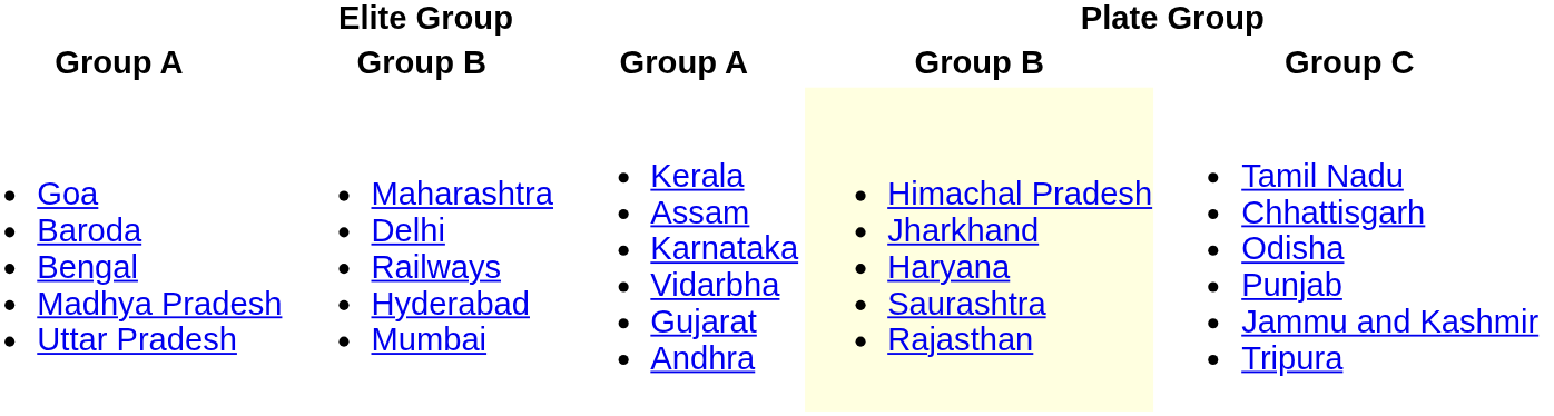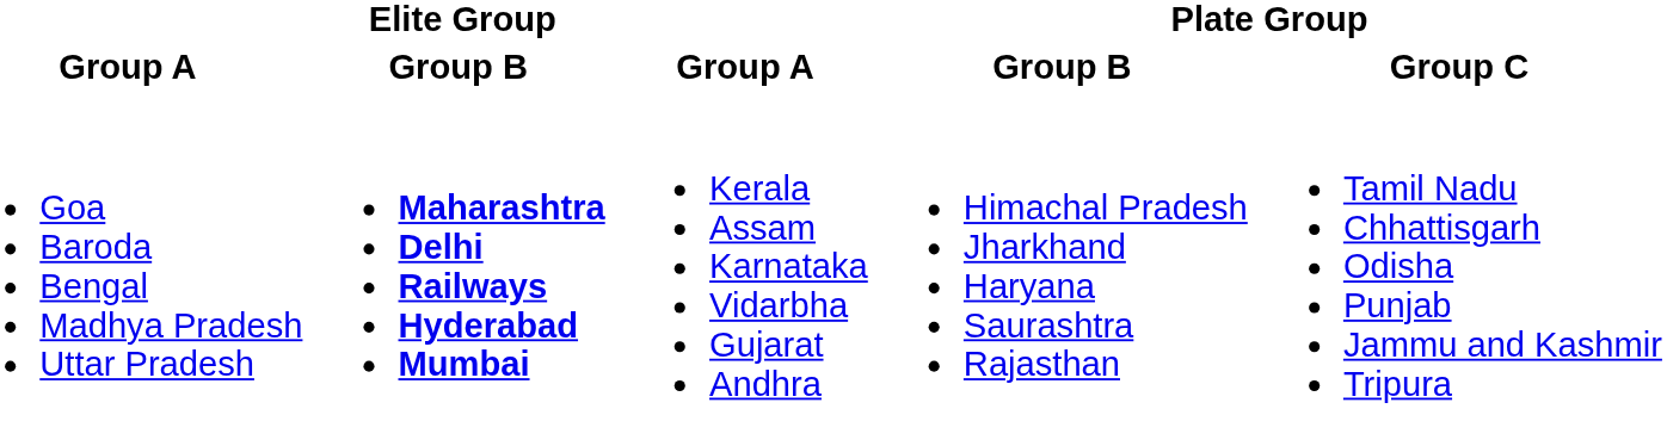 <table>
 <tr>
 <td></td>
 <th colspan="2">Elite Group</th>
 <th></th>
 <th colspan="3">Plate Group</th>
 </tr>
 <tr>
 <th>Group A</th>
 <th>Group B</th>
 <th></th>
 <th>Group A</th>
 <th>Group B</th>
 <th>Group C</th>
 </tr>
 <tr>
 <td><br><ul><li><a href='#'>Goa</a></li><li><a href='#'>Baroda</a></li><li><a href='#'>Bengal</a></li><li><a href='#'>Madhya Pradesh</a></li><li><a href='#'>Uttar Pradesh</a></li></ul></td>
-<td><br><ul><li><a href='#'>Maharashtra</a></li><li><a href='#'>Delhi</a></li><li><a href='#'>Railways</a></li><li><a href='#'>Hyderabad</a></li><li><a href='#'>Mumbai</a></li></ul></td>
+<td><strong><br><ul><li><a href='#'>Maharashtra</a></li><li><a href='#'>Delhi</a></li><li><a href='#'>Railways</a></li><li><a href='#'>Hyderabad</a></li><li><a href='#'>Mumbai</a></li></ul></strong></td>
 <td></td>
 <td><br><ul><li><a href='#'>Kerala</a></li><li><a href='#'>Assam</a></li><li><a href='#'>Karnataka</a></li><li><a href='#'>Vidarbha</a></li><li><a href='#'>Gujarat</a></li><li><a href='#'>Andhra</a></li></ul></td>
-<td style="background: lightyellow;"><br><ul><li><a href='#'>Himachal Pradesh</a></li><li><a href='#'>Jharkhand</a></li><li><a href='#'>Haryana</a></li><li><a href='#'>Saurashtra</a></li><li><a href='#'>Rajasthan</a></li></ul></td>
+<td><br><ul><li><a href='#'>Himachal Pradesh</a></li><li><a href='#'>Jharkhand</a></li><li><a href='#'>Haryana</a></li><li><a href='#'>Saurashtra</a></li><li><a href='#'>Rajasthan</a></li></ul></td>
 <td><br><ul><li><a href='#'>Tamil Nadu</a></li><li><a href='#'>Chhattisgarh</a></li><li><a href='#'>Odisha</a></li><li><a href='#'>Punjab</a></li><li><a href='#'>Jammu and Kashmir</a></li><li><a href='#'>Tripura</a></li></ul></td>
 </tr>
 </table>
